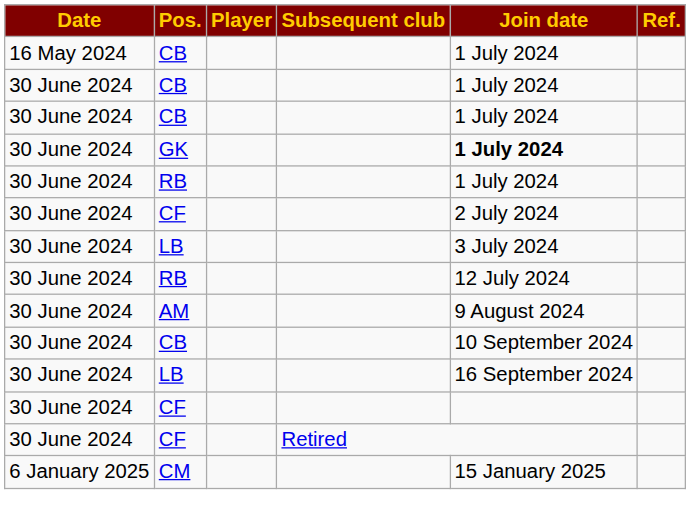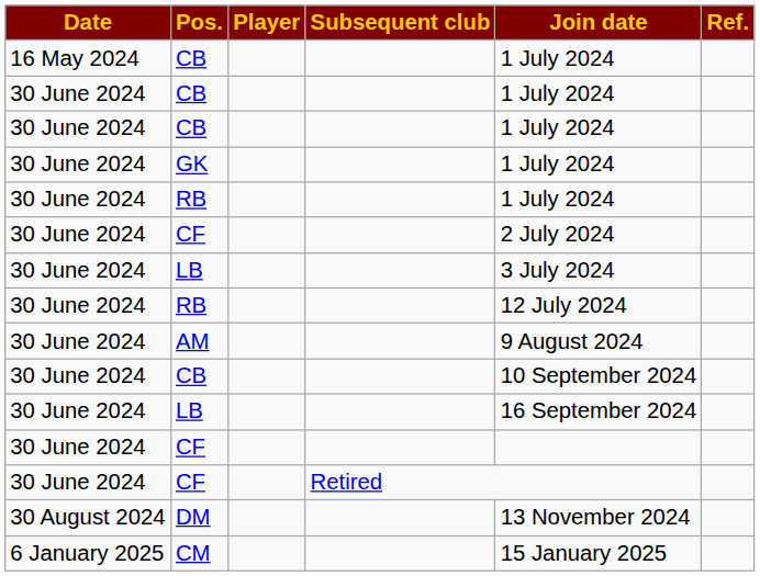 <table class="wikitable plainrowheaders sortable">
 <tr>
 <th style="color:#FFCC00; background:#800000; ">Date</th>
 <th style="color:#FFCC00; background:#800000; ">Pos.</th>
 <th style="color:#FFCC00; background:#800000; ">Player</th>
 <th style="color:#FFCC00; background:#800000; ">Subsequent club</th>
 <th style="color:#FFCC00; background:#800000; ">Join date</th>
 <th style="color:#FFCC00; background:#800000; ">Ref.</th>
 </tr>
 <tr>
 <td>16 May 2024</td>
 <td><a href='#'>CB</a></td>
 <td></td>
 <td></td>
 <td>1 July 2024</td>
 <td></td>
 </tr>
 <tr>
 <td>30 June 2024</td>
 <td><a href='#'>CB</a></td>
 <td></td>
 <td></td>
 <td>1 July 2024</td>
 <td></td>
 </tr>
 <tr>
 <td>30 June 2024</td>
 <td><a href='#'>CB</a></td>
 <td></td>
 <td></td>
 <td>1 July 2024</td>
 <td></td>
 </tr>
 <tr>
 <td>30 June 2024</td>
 <td><a href='#'>GK</a></td>
 <td></td>
 <td></td>
-<td><strong>1 July 2024</strong></td>
+<td>1 July 2024</td>
 <td></td>
 </tr>
 <tr>
 <td>30 June 2024</td>
 <td><a href='#'>RB</a></td>
 <td></td>
 <td></td>
 <td>1 July 2024</td>
 <td></td>
 </tr>
 <tr>
 <td>30 June 2024</td>
 <td><a href='#'>CF</a></td>
 <td></td>
 <td></td>
 <td>2 July 2024</td>
 <td></td>
 </tr>
 <tr>
 <td>30 June 2024</td>
 <td><a href='#'>LB</a></td>
 <td></td>
 <td></td>
 <td>3 July 2024</td>
 <td></td>
 </tr>
 <tr>
 <td>30 June 2024</td>
 <td><a href='#'>RB</a></td>
 <td></td>
 <td></td>
 <td>12 July 2024</td>
 <td></td>
 </tr>
 <tr>
 <td>30 June 2024</td>
 <td><a href='#'>AM</a></td>
 <td></td>
 <td></td>
 <td>9 August 2024</td>
 <td></td>
 </tr>
 <tr>
 <td>30 June 2024</td>
 <td><a href='#'>CB</a></td>
 <td></td>
 <td></td>
 <td>10 September 2024</td>
 <td></td>
 </tr>
 <tr>
 <td>30 June 2024</td>
 <td><a href='#'>LB</a></td>
 <td></td>
 <td></td>
 <td>16 September 2024</td>
 <td></td>
 </tr>
 <tr>
 <td>30 June 2024</td>
 <td><a href='#'>CF</a></td>
 <td></td>
 <td></td>
 <td></td>
 <td></td>
 </tr>
 <tr>
 <td>30 June 2024</td>
 <td><a href='#'>CF</a></td>
 <td></td>
 <td colspan="2"><a href='#'>Retired</a></td>
 <td></td>
 </tr>
 <tr>
+<td>30 August 2024</td>
+<td><a href='#'>DM</a></td>
+<td></td>
+<td></td>
+<td>13 November 2024</td>
+<td></td>
+</tr>
+<tr>
 <td>6 January 2025</td>
 <td><a href='#'>CM</a></td>
 <td></td>
 <td></td>
 <td>15 January 2025</td>
 <td></td>
 </tr>
 </table>
